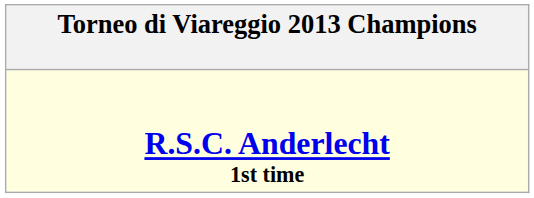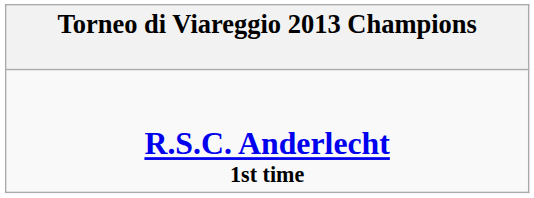 <table class="wikitable" style="margin: 0 auto; width: 30%;">
 <tr>
 <th><big>Torneo di Viareggio 2013 Champions</big><br><br></th>
 </tr>
 <tr>
-<td align=center style="background: lightyellow;"><br><br><big><big><strong><a href='#'>R.S.C. Anderlecht</a></strong><br></big></big><strong>1st time</strong></td>
+<td align=center><br><br><big><big><strong><a href='#'>R.S.C. Anderlecht</a></strong><br></big></big><strong>1st time</strong></td>
 </tr>
 </table>
